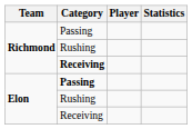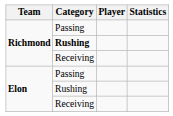 <table class="wikitable" style="float: right;">
 <tr>
 <th>Team</th>
 <th>Category</th>
 <th>Player</th>
 <th>Statistics</th>
 </tr>
 <tr>
 <td rowspan=3><strong>Richmond</strong></td>
 <td>Passing</td>
 <td></td>
 <td></td>
 </tr>
 <tr>
-<td>Rushing</td>
+<td><strong>Rushing</strong></td>
 <td></td>
 <td></td>
 </tr>
 <tr>
-<td><strong>Receiving</strong></td>
+<td>Receiving</td>
 <td></td>
 <td></td>
 </tr>
 <tr>
 <td rowspan=3><strong>Elon</strong></td>
-<td><strong>Passing</strong></td>
+<td>Passing</td>
 <td></td>
 <td></td>
 </tr>
 <tr>
 <td>Rushing</td>
 <td></td>
 <td></td>
 </tr>
 <tr>
 <td>Receiving</td>
 <td></td>
 <td></td>
 </tr>
 </table>
